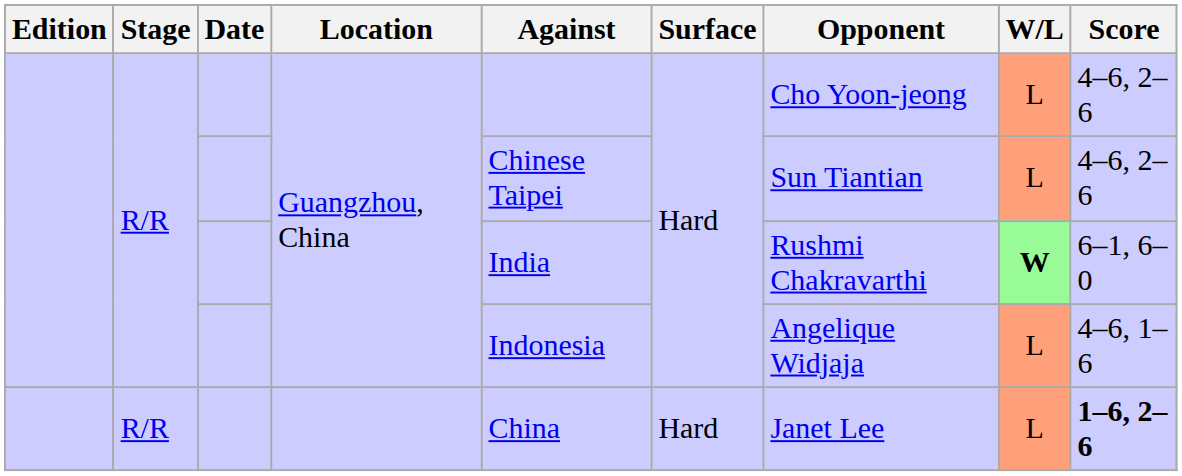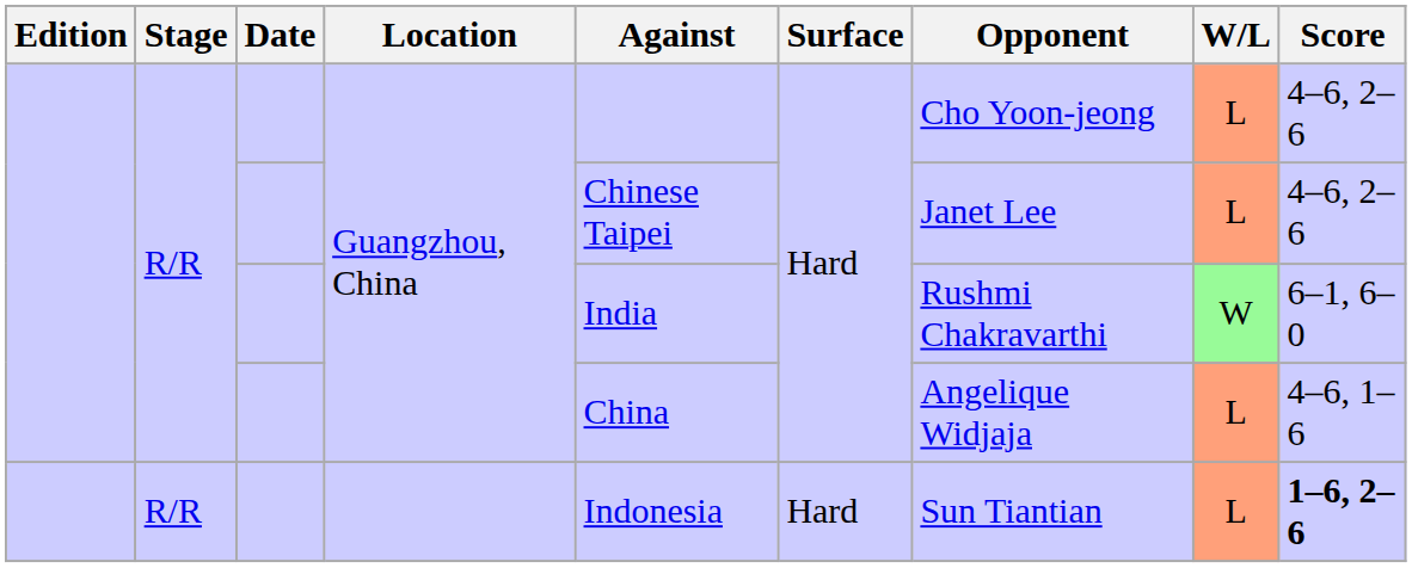 <table class=wikitable style=font-size:97%>
 <tr>
 <th>Edition</th>
 <th>Stage</th>
 <th>Date</th>
 <th>Location</th>
 <th>Against</th>
 <th>Surface</th>
 <th>Opponent</th>
 <th>W/L</th>
 <th>Score</th>
 </tr>
 <tr style="background:#ccccff;">
 <td rowspan="4"></td>
 <td rowspan="4"><a href='#'>R/R</a></td>
 <td></td>
 <td rowspan="4"><a href='#'>Guangzhou</a>, China</td>
 <td> </td>
 <td rowspan="4">Hard</td>
 <td> <a href='#'>Cho Yoon-jeong</a></td>
 <td style="text-align:center; background:#ffa07a;">L</td>
 <td>4–6, 2–6</td>
 </tr>
 <tr style="background:#ccccff;">
 <td></td>
 <td> <a href='#'>Chinese Taipei</a></td>
-<td> <a href='#'>Sun Tiantian</a></td>
+<td> <a href='#'>Janet Lee</a></td>
 <td style="text-align:center; background:#ffa07a;">L</td>
 <td>4–6, 2–6</td>
 </tr>
 <tr style="background:#ccccff;">
 <td></td>
 <td> <a href='#'>India</a></td>
 <td> <a href='#'>Rushmi Chakravarthi</a></td>
-<td style="text-align:center; background:#98fb98;"><strong>W</strong></td>
+<td style="text-align:center; background:#98fb98;">W</td>
 <td>6–1, 6–0</td>
 </tr>
 <tr style="background:#ccccff;">
 <td></td>
-<td> <a href='#'>Indonesia</a></td>
+<td> <a href='#'>China</a></td>
 <td> <a href='#'>Angelique Widjaja</a></td>
 <td style="text-align:center; background:#ffa07a;">L</td>
 <td>4–6, 1–6</td>
 </tr>
 <tr style="background:#ccccff;">
 <td rowspan="1"></td>
 <td rowspan="1"><a href='#'>R/R</a></td>
 <td></td>
 <td rowspan="1"></td>
-<td> <a href='#'>China</a></td>
+<td> <a href='#'>Indonesia</a></td>
 <td rowspan="1">Hard</td>
-<td> <a href='#'>Janet Lee</a></td>
+<td> <a href='#'>Sun Tiantian</a></td>
 <td style="text-align:center; background:#ffa07a;">L</td>
 <td><strong>1–6, 2–6</strong></td>
 </tr>
 </table>
